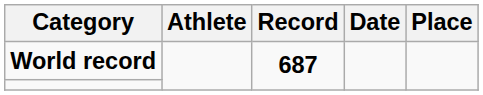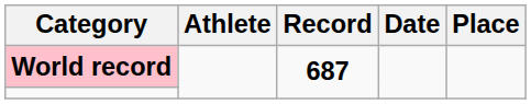 <table class="wikitable" style="text-align:center">
 <tr>
 <th>Category</th>
 <th>Athlete</th>
 <th>Record</th>
 <th>Date</th>
 <th>Place</th>
 </tr>
 <tr>
-<td><strong>World record</strong></td>
+<td style="background: pink;"><strong>World record</strong></td>
 <td align="left" rowspan="2"></td>
 <td rowspan="2"><strong>687</strong></td>
 <td rowspan="2"></td>
 <td rowspan="2"></td>
 </tr>
 <tr>
 <td><strong></strong></td>
 </tr>
 </table>
